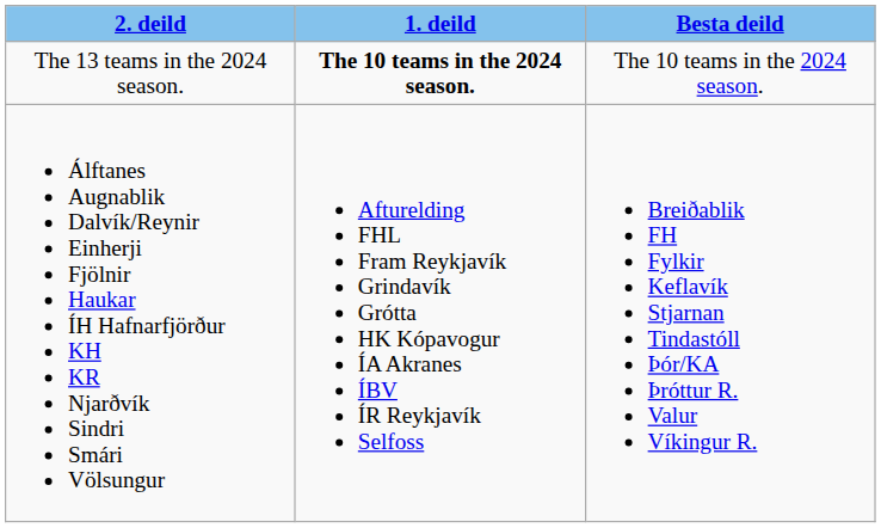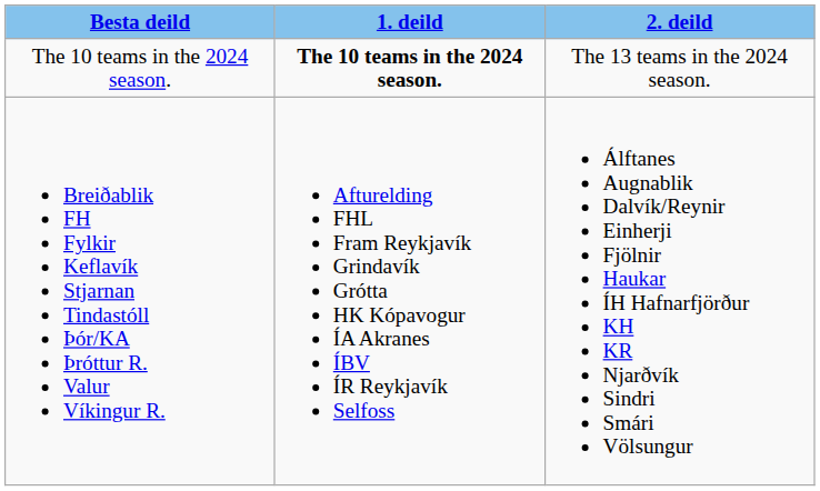 <table class="wikitable toptextcells">
 <tr style="background-color:#84C2EC; text-align:center">
+<td style="width:33%"><strong><a href='#'>Besta deild</a></strong></td>
+<td style="width:33%"><strong><a href='#'>1. deild</a></strong></td>
 <td style="width:33%"><strong><a href='#'>2. deild</a></strong></td>
-<td style="width:33%"><strong><a href='#'>1. deild</a></strong></td>
-<td style="width:33%"><strong><a href='#'>Besta deild</a></strong></td>
 </tr>
 <tr style="text-align:center">
+<td>The 10 teams in the <a href='#'>2024 season</a>.</td>
+<td><strong>The 10 teams in the 2024 season.</strong></td>
 <td>The 13 teams in the 2024 season.</td>
-<td><strong>The 10 teams in the 2024 season.</strong></td>
-<td>The 10 teams in the <a href='#'>2024 season</a>.</td>
 </tr>
 <tr>
+<td><br><ul><li><a href='#'>Breiðablik</a></li><li><a href='#'>FH</a></li><li><a href='#'>Fylkir</a></li><li><a href='#'>Keflavík</a></li><li><a href='#'>Stjarnan</a></li><li><a href='#'>Tindastóll</a></li><li><a href='#'>Þór/KA</a></li><li><a href='#'>Þróttur R.</a></li><li><a href='#'>Valur</a></li><li><a href='#'>Víkingur R.</a></li></ul></td>
+<td><br><ul><li><a href='#'>Afturelding</a></li><li>FHL</li><li>Fram Reykjavík</li><li>Grindavík</li><li>Grótta</li><li>HK Kópavogur</li><li>ÍA Akranes</li><li><a href='#'>ÍBV</a></li><li>ÍR Reykjavík</li><li><a href='#'>Selfoss</a></li></ul></td>
 <td><br><ul><li>Álftanes</li><li>Augnablik</li><li>Dalvík/Reynir</li><li>Einherji</li><li>Fjölnir</li><li><a href='#'>Haukar</a></li><li>ÍH Hafnarfjörður</li><li><a href='#'>KH</a></li><li><a href='#'>KR</a></li><li>Njarðvík</li><li>Sindri</li><li>Smári</li><li>Völsungur</li></ul></td>
-<td><br><ul><li><a href='#'>Afturelding</a></li><li>FHL</li><li>Fram Reykjavík</li><li>Grindavík</li><li>Grótta</li><li>HK Kópavogur</li><li>ÍA Akranes</li><li><a href='#'>ÍBV</a></li><li>ÍR Reykjavík</li><li><a href='#'>Selfoss</a></li></ul></td>
-<td><br><ul><li><a href='#'>Breiðablik</a></li><li><a href='#'>FH</a></li><li><a href='#'>Fylkir</a></li><li><a href='#'>Keflavík</a></li><li><a href='#'>Stjarnan</a></li><li><a href='#'>Tindastóll</a></li><li><a href='#'>Þór/KA</a></li><li><a href='#'>Þróttur R.</a></li><li><a href='#'>Valur</a></li><li><a href='#'>Víkingur R.</a></li></ul></td>
 </tr>
 </table>
